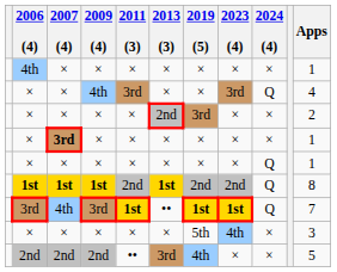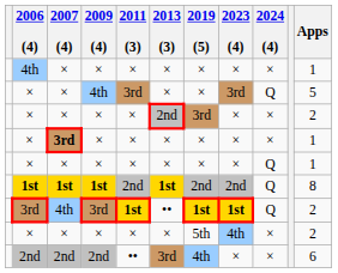 <table class="wikitable" style="text-align: center">
 <tr>
 <th></th>
 <th><a href='#'>2006</a><br><br>(4)</th>
 <th><a href='#'>2007</a><br><br>(4)</th>
 <th><a href='#'>2009</a><br><br>(4)</th>
 <th><a href='#'>2011</a><br><br>(3)</th>
 <th><a href='#'>2013</a><br><br>(3)</th>
 <th><a href='#'>2019</a><br><br>(5)</th>
 <th><a href='#'>2023</a><br><br>(4)</th>
 <th><a href='#'>2024</a><br><br>(4)</th>
 <th rowspan=10></th>
 <th>Apps<br><big></big></th>
 </tr>
 <tr>
 <td align=left></td>
 <td bgcolor=#9acdff>4th</td>
 <td>×</td>
 <td>×</td>
 <td>×</td>
 <td>×</td>
 <td>×</td>
 <td>×</td>
 <td>×</td>
 <td>1</td>
 </tr>
 <tr>
 <td align=left></td>
 <td>×</td>
 <td>×</td>
 <td bgcolor=#9acdff>4th</td>
 <td bgcolor=#cc9966>3rd</td>
 <td>×</td>
 <td>×</td>
 <td bgcolor=#cc9966>3rd</td>
 <td>Q</td>
-<td>4</td>
+<td>5</td>
 </tr>
 <tr>
 <td align=left></td>
 <td>×</td>
 <td>×</td>
 <td>×</td>
 <td>×</td>
 <td bgcolor=silver style="border:3px solid red">2nd</td>
 <td bgcolor=#cc9966>3rd</td>
 <td>×</td>
 <td>×</td>
 <td>2</td>
 </tr>
 <tr>
 <td align=left></td>
 <td>×</td>
 <td bgcolor=#cc9966 style="border:3px solid red"><strong>3rd</strong></td>
 <td>×</td>
 <td>×</td>
 <td>×</td>
 <td>×</td>
 <td>×</td>
 <td>×</td>
 <td>1</td>
 </tr>
 <tr>
 <td align=left></td>
 <td>×</td>
 <td>×</td>
 <td>×</td>
 <td>×</td>
 <td>×</td>
 <td>×</td>
 <td>×</td>
 <td>Q</td>
 <td>1</td>
 </tr>
 <tr>
 <td align=left></td>
 <td bgcolor=gold><strong>1st</strong></td>
 <td bgcolor=gold><strong>1st</strong></td>
 <td bgcolor=gold><strong>1st</strong></td>
 <td bgcolor=silver>2nd</td>
 <td bgcolor=gold><strong>1st</strong></td>
 <td bgcolor=silver>2nd</td>
 <td bgcolor=silver>2nd</td>
 <td>Q</td>
 <td>8</td>
 </tr>
 <tr>
 <td align=left></td>
 <td bgcolor=#cc9966 style="border:3px solid red">3rd</td>
 <td bgcolor=#9acdff>4th</td>
 <td bgcolor=#cc9966 style="border:3px solid red">3rd</td>
 <td bgcolor=gold style="border:3px solid red"><strong>1st</strong></td>
 <td>••</td>
 <td bgcolor=gold style="border:3px solid red"><strong>1st</strong></td>
 <td bgcolor=gold style="border:3px solid red"><strong>1st</strong></td>
 <td>Q</td>
-<td>7</td>
+<td>2</td>
 </tr>
 <tr>
 <td align=left></td>
 <td>×</td>
 <td>×</td>
 <td>×</td>
 <td>×</td>
 <td>×</td>
 <td>5th</td>
 <td bgcolor=#9acdff>4th</td>
 <td>×</td>
-<td>3</td>
+<td>2</td>
 </tr>
 <tr>
 <td align=left></td>
 <td bgcolor=silver>2nd</td>
 <td bgcolor=silver>2nd</td>
 <td bgcolor=silver>2nd</td>
 <td>••</td>
 <td bgcolor=#cc9966>3rd</td>
 <td bgcolor=#9acdff>4th</td>
 <td>×</td>
 <td>×</td>
-<td>5</td>
+<td>6</td>
 </tr>
 </table>
